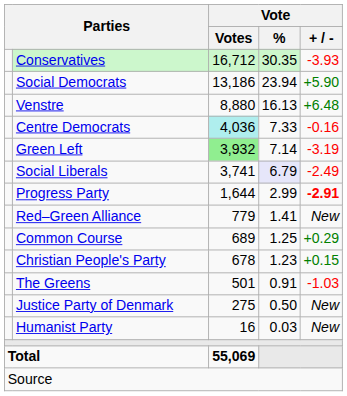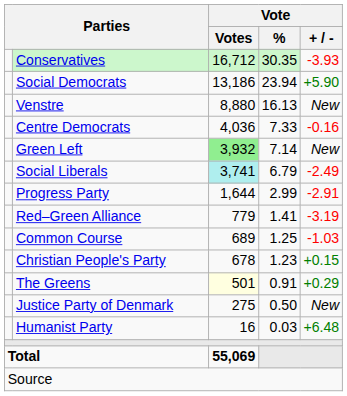 <table class="wikitable" style="text-align:right;">
 <tr>
 <th style="text-align:centre;" rowspan="2" colspan="2" width="225">Parties</th>
 <th colspan="3">Vote</th>
 </tr>
 <tr>
 <th width="15">Votes</th>
 <th width="15">%</th>
 <th width="15">+ / -</th>
 </tr>
 <tr>
 <td width="2" style="color:inherit;background:"></td>
 <td bgcolor=#ccf7cc  align="left"><a href='#'>Conservatives</a></td>
 <td bgcolor=#ccf7cc>16,712</td>
 <td bgcolor=#ccf7cc>30.35</td>
 <td style=color:red;>-3.93</td>
 </tr>
 <tr>
 <td width="2" style="color:inherit;background:"></td>
 <td align="left"><a href='#'>Social Democrats</a></td>
 <td>13,186</td>
 <td>23.94</td>
 <td style=color:green;>+5.90</td>
 </tr>
 <tr>
 <td width="2" style="color:inherit;background:"></td>
 <td align="left"><a href='#'>Venstre</a></td>
 <td>8,880</td>
 <td>16.13</td>
-<td style=color:green;>+6.48</td>
+<td><em>New</em></td>
 </tr>
 <tr>
 <td width="2" style="color:inherit;background:"></td>
 <td align="left"><a href='#'>Centre Democrats</a></td>
-<td style="background: paleturquoise;">4,036</td>
+<td>4,036</td>
 <td>7.33</td>
 <td style=color:red;>-0.16</td>
 </tr>
 <tr>
 <td width="2" style="color:inherit;background:"></td>
 <td align="left"><a href='#'>Green Left</a></td>
 <td style="background: lightgreen;">3,932</td>
 <td>7.14</td>
-<td style=color:red;>-3.19</td>
+<td><em>New</em></td>
 </tr>
 <tr>
 <td width="2" style="color:inherit;background:"></td>
 <td align="left"><a href='#'>Social Liberals</a></td>
-<td>3,741</td>
-<td style="background: lavender;">6.79</td>
+<td style="background: paleturquoise;">3,741</td>
+<td>6.79</td>
 <td style=color:red;>-2.49</td>
 </tr>
 <tr>
 <td width="2" style="color:inherit;background:"></td>
 <td align="left"><a href='#'>Progress Party</a></td>
 <td>1,644</td>
 <td>2.99</td>
-<td style=color:red;><strong>-2.91</strong></td>
+<td style=color:red;>-2.91</td>
 </tr>
 <tr>
 <td width="2" style="color:inherit;background:"></td>
 <td align="left"><a href='#'>Red–Green Alliance</a></td>
 <td>779</td>
 <td>1.41</td>
-<td><em>New</em></td>
+<td style=color:red;>-3.19</td>
 </tr>
 <tr>
 <td width="2" style="color:inherit;background:"></td>
 <td align="left"><a href='#'>Common Course</a></td>
 <td>689</td>
 <td>1.25</td>
-<td style=color:green;>+0.29</td>
+<td style=color:red;>-1.03</td>
 </tr>
 <tr>
 <td width="2" style="color:inherit;background:"></td>
 <td align="left"><a href='#'>Christian People's Party</a></td>
 <td>678</td>
 <td>1.23</td>
 <td style=color:green;>+0.15</td>
 </tr>
 <tr>
 <td width="2" style="color:inherit;background:"></td>
 <td align="left"><a href='#'>The Greens</a></td>
-<td>501</td>
+<td style="background: lightyellow;">501</td>
 <td>0.91</td>
-<td style=color:red;>-1.03</td>
+<td style=color:green;>+0.29</td>
 </tr>
 <tr>
 <td width="2" style="color:inherit;background:"></td>
 <td align="left"><a href='#'>Justice Party of Denmark</a></td>
 <td>275</td>
 <td>0.50</td>
 <td><em>New</em></td>
 </tr>
 <tr>
 <td width="2" style="color:inherit;background:"></td>
 <td align="left"><a href='#'>Humanist Party</a></td>
 <td>16</td>
 <td>0.03</td>
-<td><em>New</em></td>
+<td style=color:green;>+6.48</td>
 </tr>
 <tr>
 <td colspan="7" bgcolor="#E9E9E9"></td>
 </tr>
 <tr>
 <td align="left" colspan="2"><strong>Total</strong></td>
 <td><strong>55,069</strong></td>
 <td bgcolor="#E9E9E9" colspan="2"></td>
 </tr>
 <tr>
 <td align="left" colspan="6">Source</td>
 </tr>
 </table>
